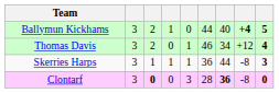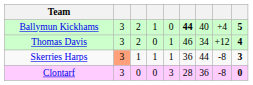 <table class="wikitable" style="text-align:center">
 <tr>
 <th style="width:175px;">Team</th>
 <th width="20"></th>
 <th width="20"></th>
 <th width="20"></th>
 <th width="20"></th>
 <th width="20"></th>
 <th width="20"></th>
 <th width="20"></th>
 <th width="20"></th>
 </tr>
 <tr style="background:#cfc;">
 <td><a href='#'>Ballymun Kickhams</a></td>
 <td>3</td>
 <td>2</td>
 <td>1</td>
 <td>0</td>
-<td>44</td>
+<td><strong>44</strong></td>
 <td>40</td>
-<td><strong>+4</strong></td>
+<td>+4</td>
 <td><strong>5</strong></td>
 </tr>
 <tr style="background:#cfc;">
 <td><a href='#'>Thomas Davis</a></td>
 <td>3</td>
 <td>2</td>
 <td>0</td>
 <td>1</td>
 <td>46</td>
 <td>34</td>
 <td>+12</td>
 <td><strong>4</strong></td>
 </tr>
 <tr>
 <td><a href='#'>Skerries Harps</a></td>
-<td>3</td>
+<td style="background: lightsalmon;">3</td>
 <td>1</td>
 <td>1</td>
 <td>1</td>
 <td>36</td>
 <td>44</td>
 <td>-8</td>
 <td><strong>3</strong></td>
 </tr>
 <tr style="background:#fcf;">
 <td><a href='#'>Clontarf</a></td>
 <td>3</td>
-<td><strong>0</strong></td>
+<td>0</td>
 <td>0</td>
 <td>3</td>
 <td>28</td>
-<td><strong>36</strong></td>
+<td>36</td>
 <td>-8</td>
 <td><strong>0</strong></td>
 </tr>
 </table>
